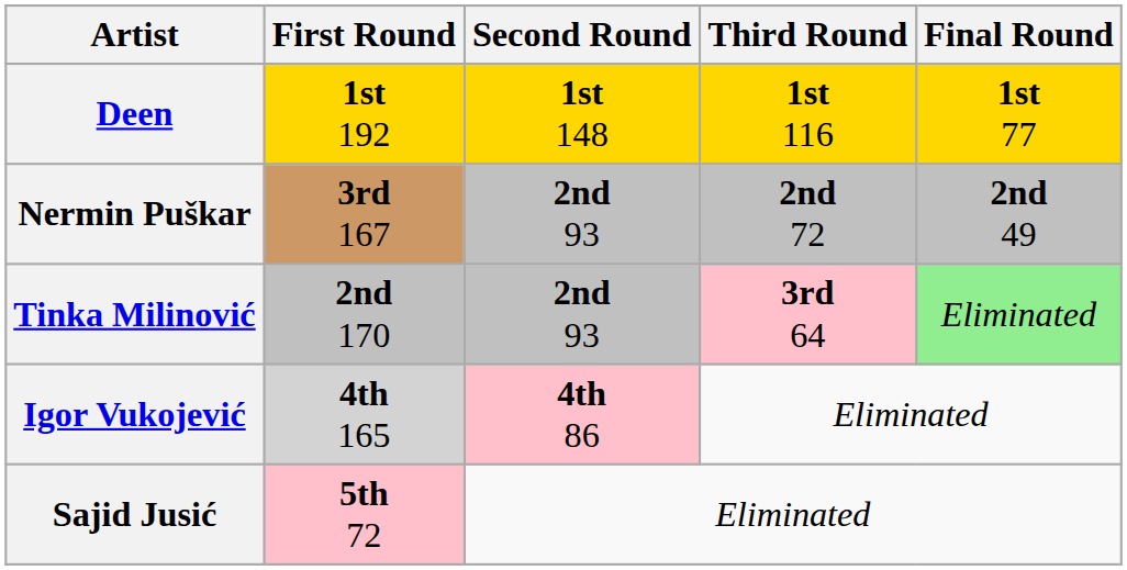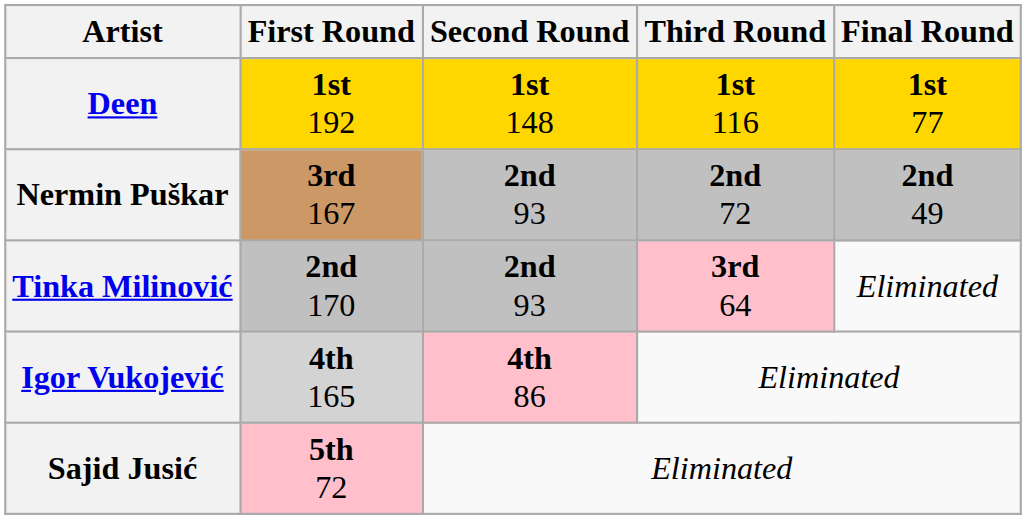 <table class="wikitable" style="margin: 1em auto 1em auto; text-align:center; font-size:95%">
 <tr>
 <th>Artist</th>
 <th>First Round</th>
 <th>Second Round</th>
 <th>Third Round</th>
 <th>Final Round</th>
 </tr>
 <tr>
 <th><strong><a href='#'>Deen</a></strong></th>
 <td style="background:gold"><strong>1st</strong><br>192</td>
 <td style="background:gold"><strong>1st</strong><br>148</td>
 <td style="background:gold"><strong>1st</strong><br>116</td>
 <td style="background:gold"><strong>1st</strong><br>77</td>
 </tr>
 <tr>
 <th><strong>Nermin Puškar</strong></th>
 <td bgcolor="cc9966"><strong>3rd</strong><br>167</td>
 <td bgcolor="silver"><strong>2nd</strong><br>93</td>
 <td bgcolor="silver"><strong>2nd</strong><br>72</td>
 <td bgcolor="silver"><strong>2nd</strong><br>49</td>
 </tr>
 <tr>
 <th><strong><a href='#'>Tinka Milinović</a></strong></th>
 <td bgcolor="silver"><strong>2nd</strong><br>170</td>
 <td bgcolor="silver"><strong>2nd</strong><br>93</td>
 <td style="background:pink"><strong>3rd</strong><br>64</td>
-<td style="background: lightgreen;"><em>Eliminated</em></td>
+<td><em>Eliminated</em></td>
 </tr>
 <tr>
 <th><strong><a href='#'>Igor Vukojević</a></strong></th>
 <td style="background: lightgrey;"><strong>4th</strong><br>165</td>
 <td style="background:pink"><strong>4th</strong><br>86</td>
 <td colspan="2"><em>Eliminated</em></td>
 </tr>
 <tr>
 <th><strong>Sajid Jusić</strong></th>
 <td style="background:pink"><strong>5th</strong><br>72</td>
 <td colspan="3"><em>Eliminated</em></td>
 </tr>
 </table>
